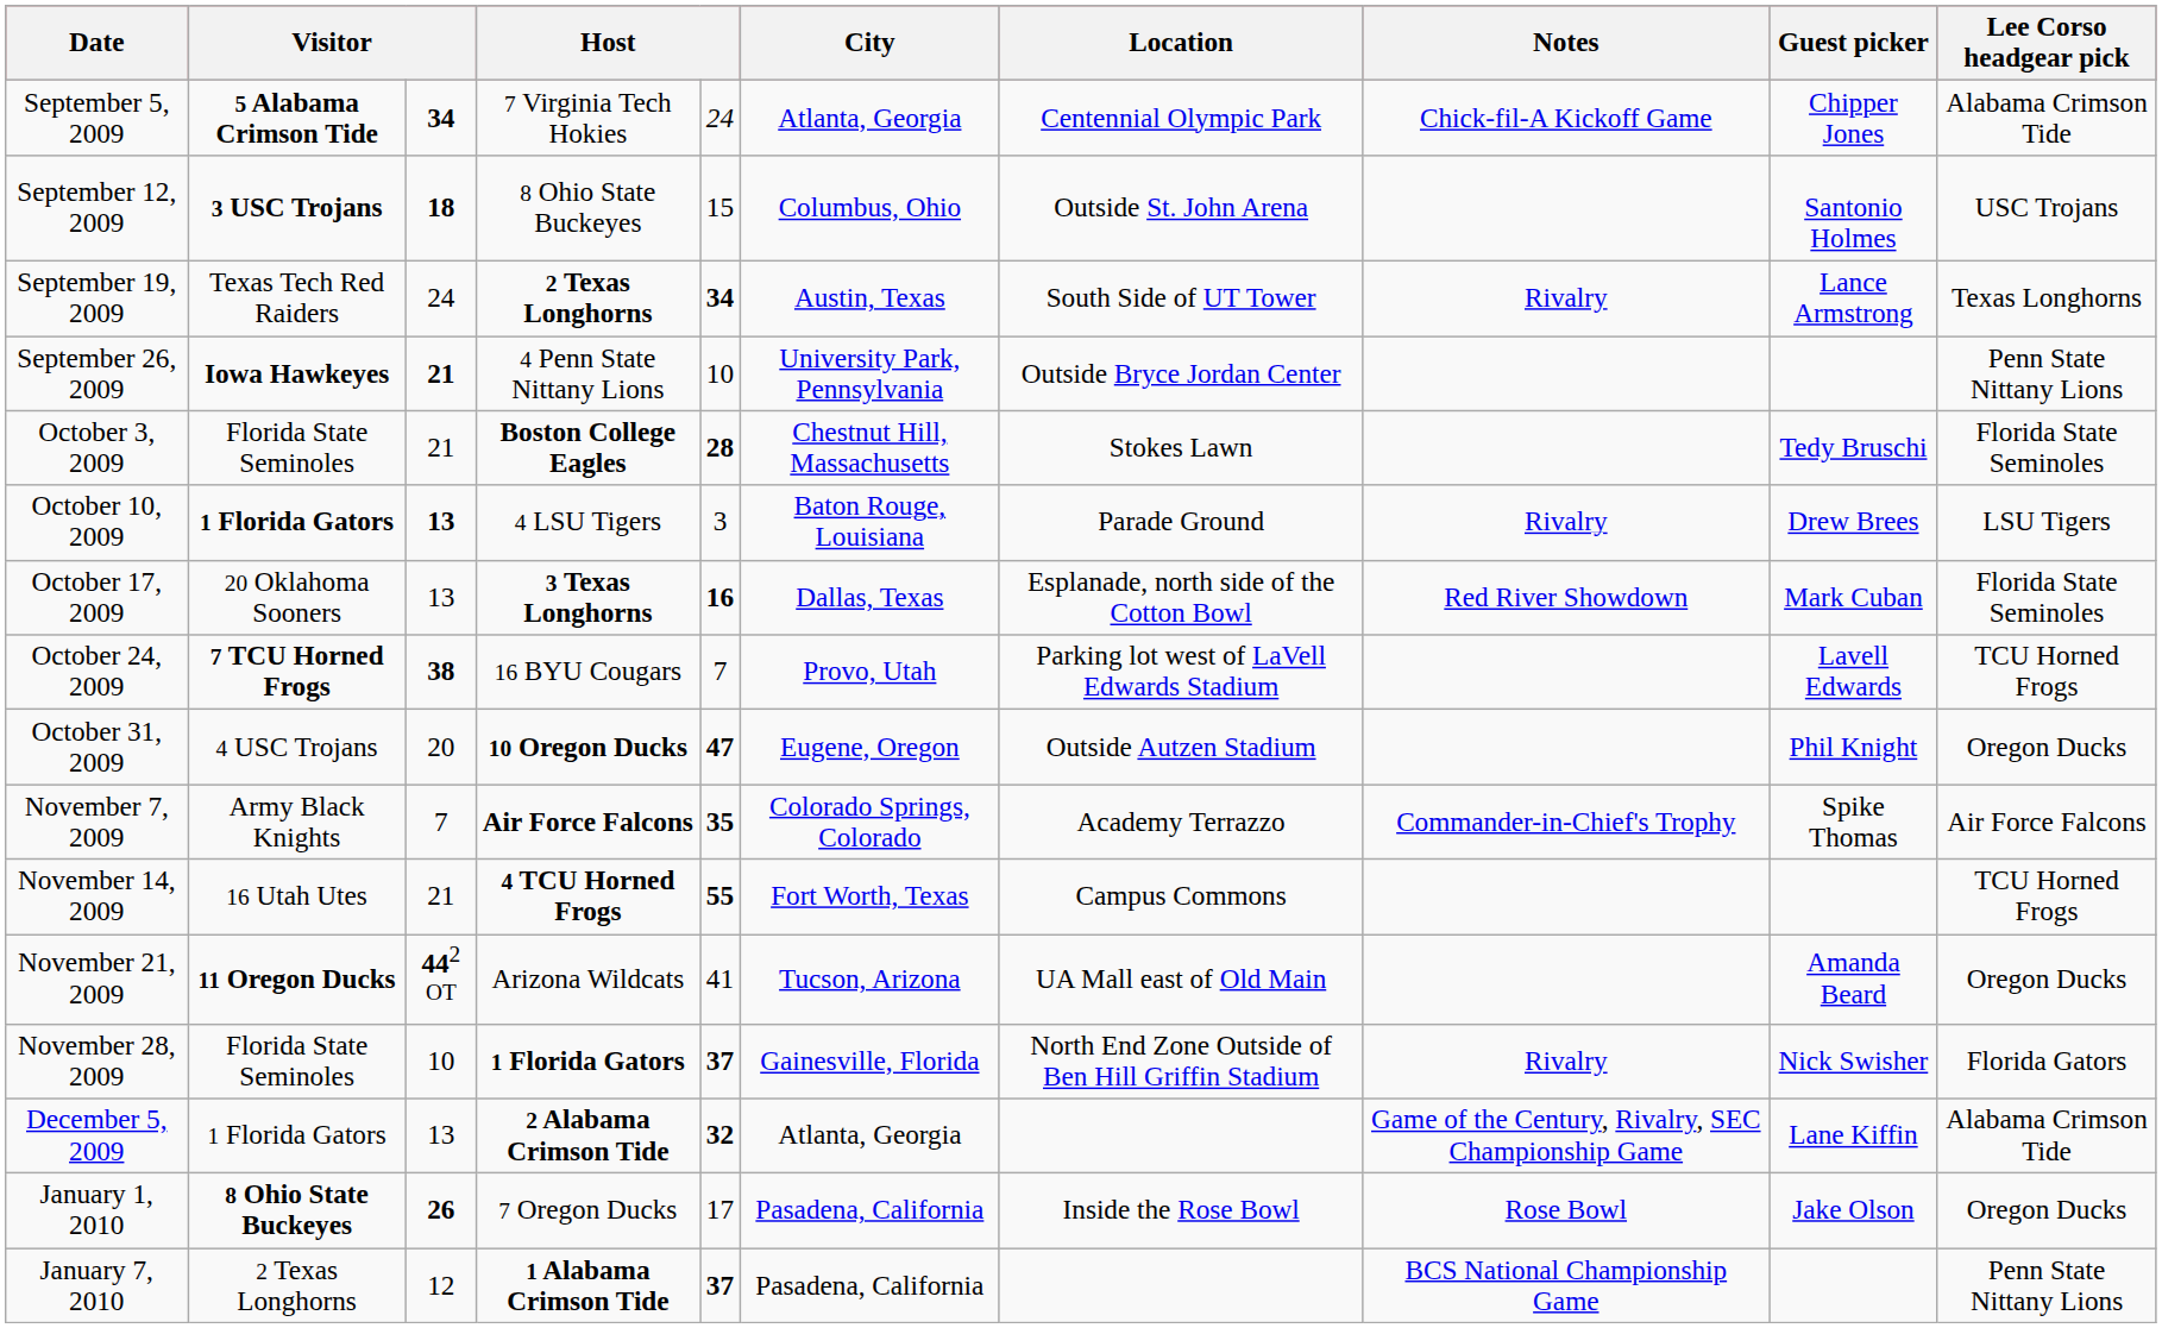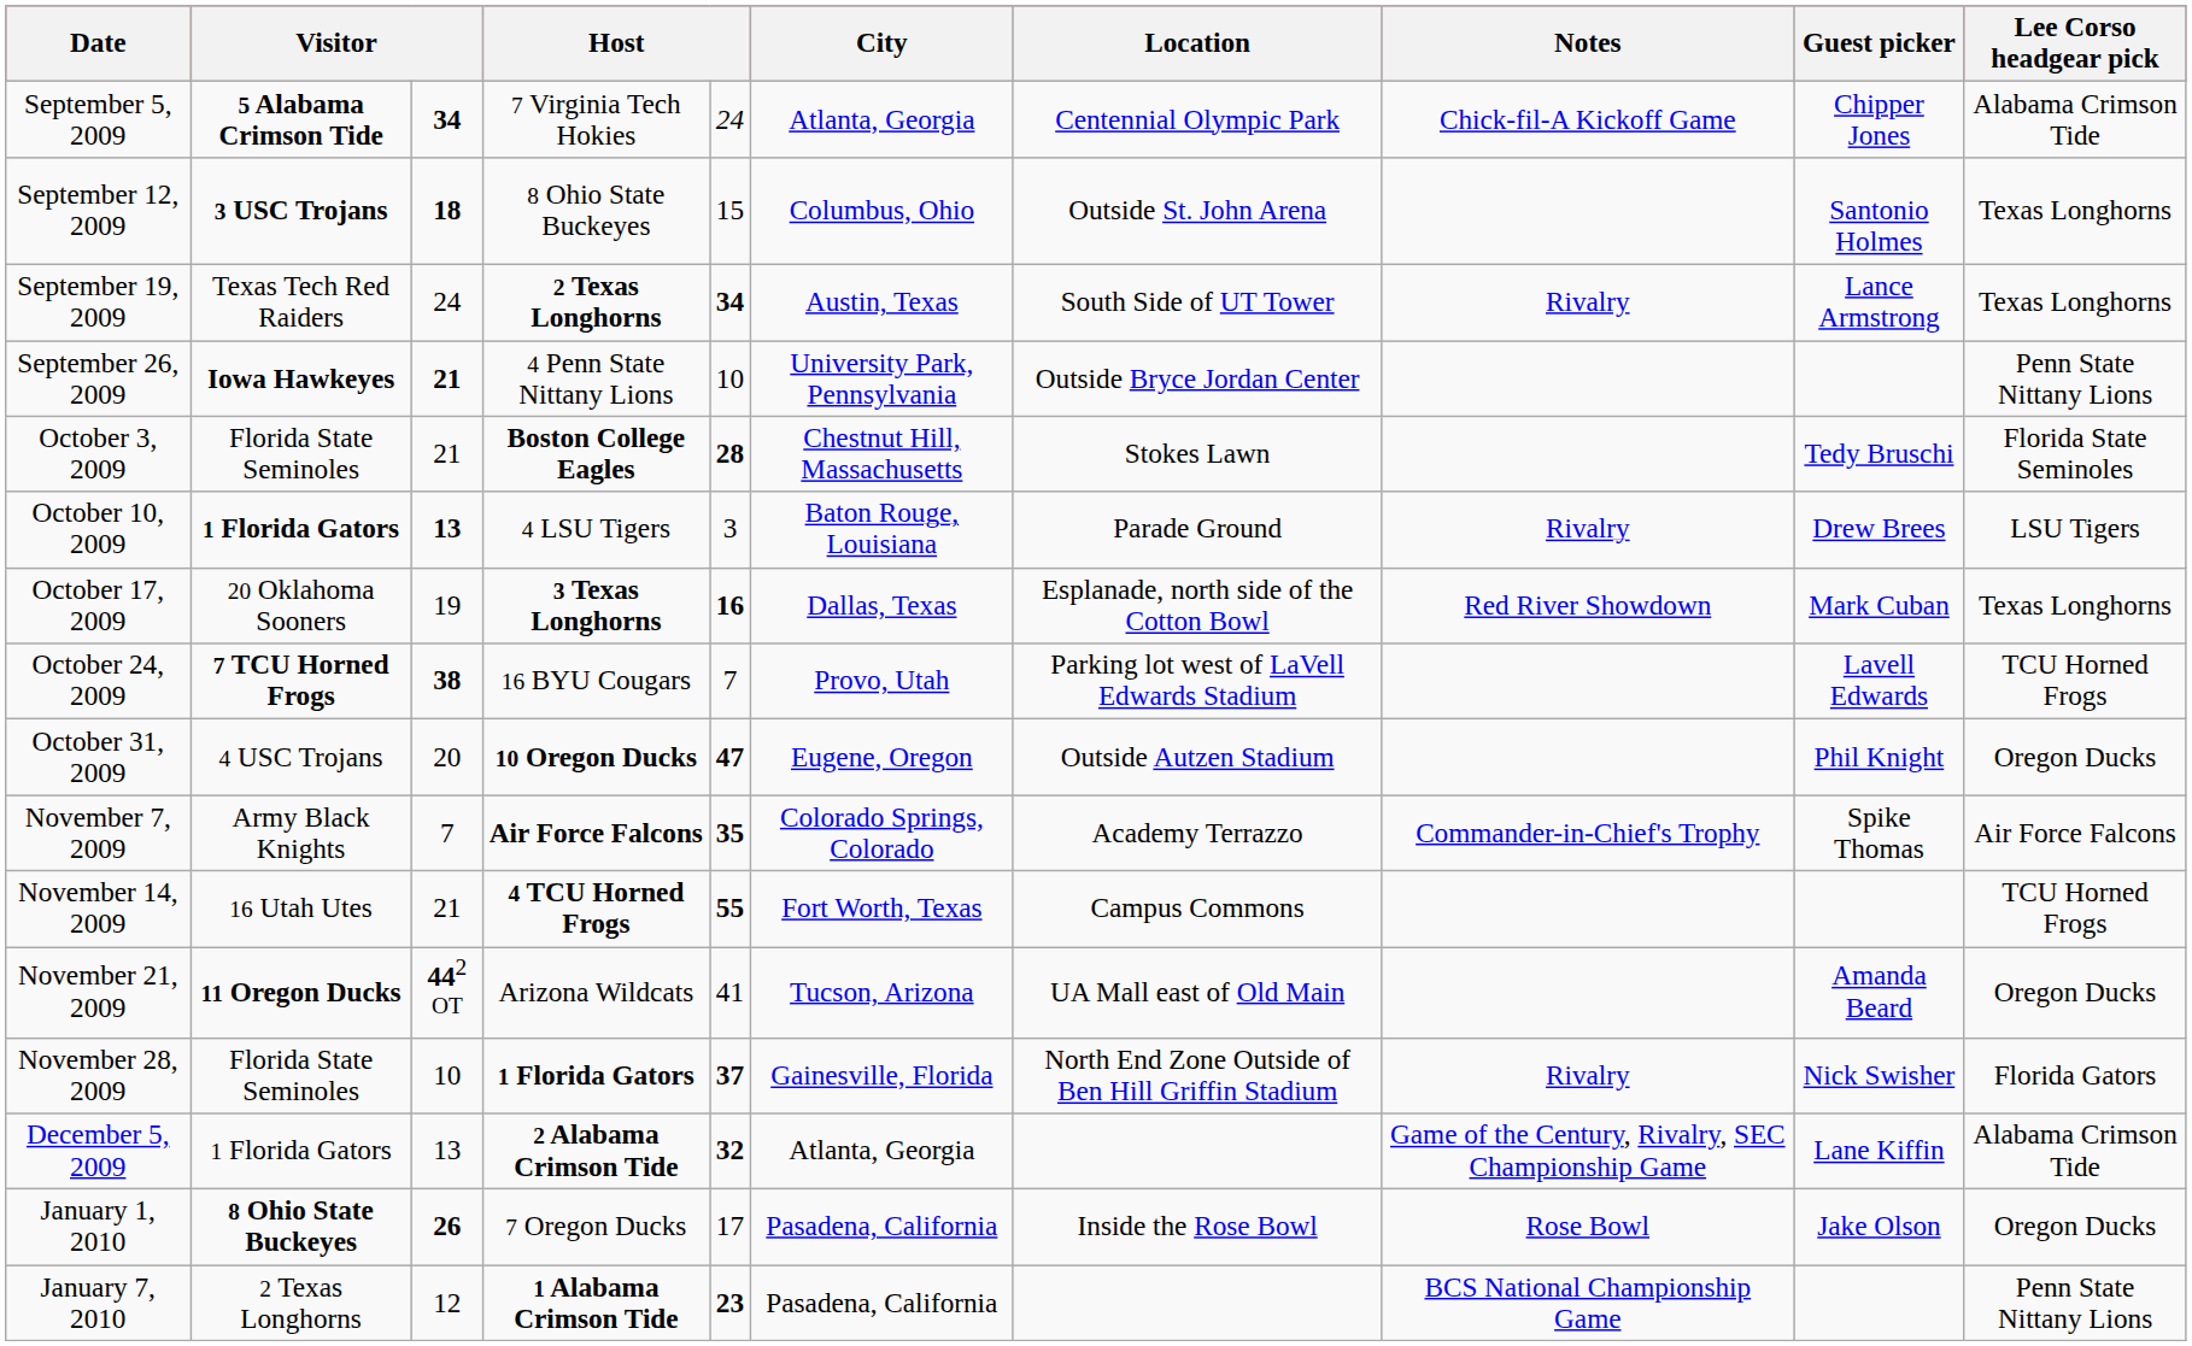 <table class="wikitable" style="text-align:center">
 <tr style="background:#A32638;"|>
 <th>Date</th>
 <th colspan=2>Visitor</th>
 <th colspan=2>Host</th>
 <th>City</th>
 <th>Location</th>
 <th>Notes</th>
 <th>Guest picker</th>
 <th>Lee Corso headgear pick</th>
 </tr>
 <tr>
 <td>September 5, 2009</td>
 <td><strong><small>5</small> Alabama Crimson Tide</strong></td>
 <td><strong>34</strong></td>
 <td><small>7</small> Virginia Tech Hokies</td>
 <td><em>24</em></td>
 <td><a href='#'>Atlanta, Georgia</a></td>
 <td><a href='#'>Centennial Olympic Park</a></td>
 <td><a href='#'>Chick-fil-A Kickoff Game</a></td>
 <td><a href='#'>Chipper Jones</a></td>
 <td>Alabama Crimson Tide</td>
 </tr>
 <tr>
 <td>September 12, 2009</td>
 <td><strong><small>3</small> USC Trojans</strong></td>
 <td><strong>18</strong></td>
 <td><small>8</small> Ohio State Buckeyes</td>
 <td>15</td>
 <td><a href='#'>Columbus, Ohio</a></td>
 <td>Outside <a href='#'>St. John Arena</a></td>
 <td></td>
 <td><br><a href='#'>Santonio Holmes</a></td>
-<td>USC Trojans</td>
+<td>Texas Longhorns</td>
 </tr>
 <tr>
 <td>September 19, 2009</td>
 <td>Texas Tech Red Raiders</td>
 <td>24</td>
 <td><strong><small>2</small> Texas Longhorns</strong></td>
 <td><strong>34</strong></td>
 <td><a href='#'>Austin, Texas</a></td>
 <td>South Side of <a href='#'>UT Tower</a></td>
 <td><a href='#'>Rivalry</a></td>
 <td><a href='#'>Lance Armstrong</a></td>
 <td>Texas Longhorns</td>
 </tr>
 <tr>
 <td>September 26, 2009</td>
 <td><strong>Iowa Hawkeyes</strong></td>
 <td><strong>21</strong></td>
 <td><small>4</small> Penn State Nittany Lions</td>
 <td>10</td>
 <td><a href='#'>University Park, Pennsylvania</a></td>
 <td>Outside <a href='#'>Bryce Jordan Center</a></td>
 <td></td>
 <td></td>
 <td>Penn State Nittany Lions</td>
 </tr>
 <tr>
 <td>October 3, 2009</td>
 <td>Florida State Seminoles</td>
 <td>21</td>
 <td><strong>Boston College Eagles</strong></td>
 <td><strong>28</strong></td>
 <td><a href='#'>Chestnut Hill, Massachusetts</a></td>
 <td>Stokes Lawn</td>
 <td></td>
 <td><a href='#'>Tedy Bruschi</a></td>
 <td>Florida State Seminoles</td>
 </tr>
 <tr>
 <td>October 10, 2009</td>
 <td><strong><small>1</small> Florida Gators</strong></td>
 <td><strong>13</strong></td>
 <td><small>4</small> LSU Tigers</td>
 <td>3</td>
 <td><a href='#'>Baton Rouge, Louisiana</a></td>
 <td>Parade Ground</td>
 <td><a href='#'>Rivalry</a></td>
 <td><a href='#'>Drew Brees</a></td>
 <td>LSU Tigers</td>
 </tr>
 <tr>
 <td>October 17, 2009</td>
 <td><small>20</small> Oklahoma Sooners</td>
-<td>13</td>
+<td>19</td>
 <td><strong><small>3</small> Texas Longhorns</strong></td>
 <td><strong>16</strong></td>
 <td><a href='#'>Dallas, Texas</a></td>
 <td>Esplanade, north side of the <a href='#'>Cotton Bowl</a></td>
 <td><a href='#'>Red River Showdown</a></td>
 <td><a href='#'>Mark Cuban</a></td>
-<td>Florida State Seminoles</td>
+<td>Texas Longhorns</td>
 </tr>
 <tr>
 <td>October 24, 2009</td>
 <td><strong><small>7</small> TCU Horned Frogs</strong></td>
 <td><strong>38</strong></td>
 <td><small>16</small> BYU Cougars</td>
 <td>7</td>
 <td><a href='#'>Provo, Utah</a></td>
 <td>Parking lot west of <a href='#'>LaVell Edwards Stadium</a></td>
 <td></td>
 <td><a href='#'>Lavell Edwards</a></td>
 <td>TCU Horned Frogs</td>
 </tr>
 <tr>
 <td>October 31, 2009</td>
 <td><small>4</small> USC Trojans</td>
 <td>20</td>
 <td><strong><small>10</small> Oregon Ducks</strong></td>
 <td><strong>47</strong></td>
 <td><a href='#'>Eugene, Oregon</a></td>
 <td>Outside <a href='#'>Autzen Stadium</a></td>
 <td></td>
 <td><a href='#'>Phil Knight</a></td>
 <td>Oregon Ducks</td>
 </tr>
 <tr>
 <td>November 7, 2009</td>
 <td>Army Black Knights</td>
 <td>7</td>
 <td><strong>Air Force Falcons</strong></td>
 <td><strong>35</strong></td>
 <td><a href='#'>Colorado Springs, Colorado</a></td>
 <td>Academy Terrazzo</td>
 <td><a href='#'>Commander-in-Chief's Trophy</a></td>
 <td>Spike Thomas</td>
 <td>Air Force Falcons</td>
 </tr>
 <tr>
 <td>November 14, 2009</td>
 <td><small>16</small> Utah Utes</td>
 <td>21</td>
 <td><strong><small>4</small> TCU Horned Frogs</strong></td>
 <td><strong>55</strong></td>
 <td><a href='#'>Fort Worth, Texas</a></td>
 <td>Campus Commons</td>
 <td></td>
 <td></td>
 <td>TCU Horned Frogs</td>
 </tr>
 <tr>
 <td>November 21, 2009</td>
 <td><strong><small>11</small> Oregon Ducks</strong></td>
 <td><strong>44</strong><sup>2 OT</sup></td>
 <td>Arizona Wildcats</td>
 <td>41</td>
 <td><a href='#'>Tucson, Arizona</a></td>
 <td>UA Mall east of <a href='#'>Old Main</a></td>
 <td></td>
 <td><a href='#'>Amanda Beard</a></td>
 <td>Oregon Ducks</td>
 </tr>
 <tr>
 <td>November 28, 2009</td>
 <td>Florida State Seminoles</td>
 <td>10</td>
 <td><strong><small>1</small> Florida Gators</strong></td>
 <td><strong>37</strong></td>
 <td><a href='#'>Gainesville, Florida</a></td>
 <td>North End Zone Outside of <a href='#'>Ben Hill Griffin Stadium</a></td>
 <td><a href='#'>Rivalry</a></td>
 <td><a href='#'>Nick Swisher</a></td>
 <td>Florida Gators</td>
 </tr>
 <tr>
 <td><a href='#'>December 5, 2009</a></td>
 <td><small>1</small> Florida Gators</td>
 <td>13</td>
 <td><strong><small>2</small> Alabama Crimson Tide</strong></td>
 <td><strong>32</strong></td>
 <td>Atlanta, Georgia</td>
 <td></td>
 <td><a href='#'>Game of the Century</a>, <a href='#'>Rivalry</a>, <a href='#'>SEC Championship Game</a></td>
 <td><a href='#'>Lane Kiffin</a></td>
 <td>Alabama Crimson Tide</td>
 </tr>
 <tr>
 <td>January 1, 2010</td>
 <td><strong><small>8</small> Ohio State Buckeyes</strong></td>
 <td><strong>26</strong></td>
 <td><small>7</small> Oregon Ducks</td>
 <td>17</td>
 <td><a href='#'>Pasadena, California</a></td>
 <td>Inside the <a href='#'>Rose Bowl</a></td>
 <td><a href='#'>Rose Bowl</a></td>
 <td><a href='#'>Jake Olson</a></td>
 <td>Oregon Ducks</td>
 </tr>
 <tr>
 <td>January 7, 2010</td>
 <td><small>2</small> Texas Longhorns</td>
 <td>12</td>
 <td><strong><small>1</small> Alabama Crimson Tide</strong></td>
-<td><strong>37</strong></td>
+<td><strong>23</strong></td>
 <td>Pasadena, California</td>
 <td></td>
 <td><a href='#'>BCS National Championship Game</a></td>
 <td></td>
 <td>Penn State Nittany Lions</td>
 </tr>
 </table>
